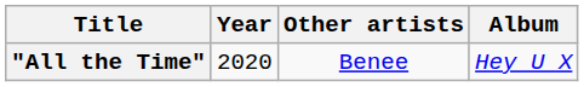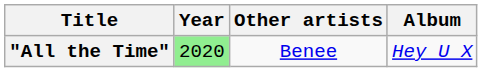 <table class="wikitable sortable plainrowheaders" style="text-align: center;">
 <tr>
 <th scope="col">Title</th>
 <th scope="col">Year</th>
 <th scope="col">Other artists</th>
 <th scope="col">Album</th>
 </tr>
 <tr>
 <th scope="row">"All the Time"</th>
-<td>2020</td>
+<td style="background: lightgreen;">2020</td>
 <td><a href='#'>Benee</a></td>
 <td><em><a href='#'>Hey U X</a></em></td>
 </tr>
 </table>
